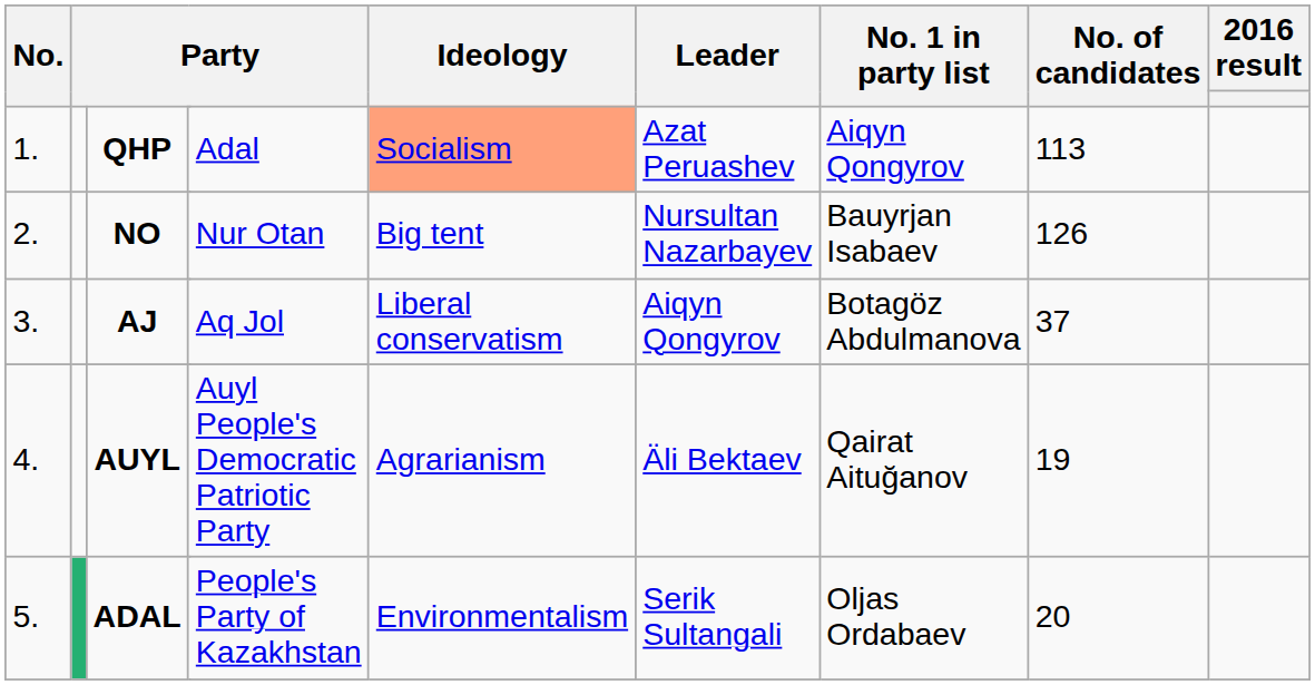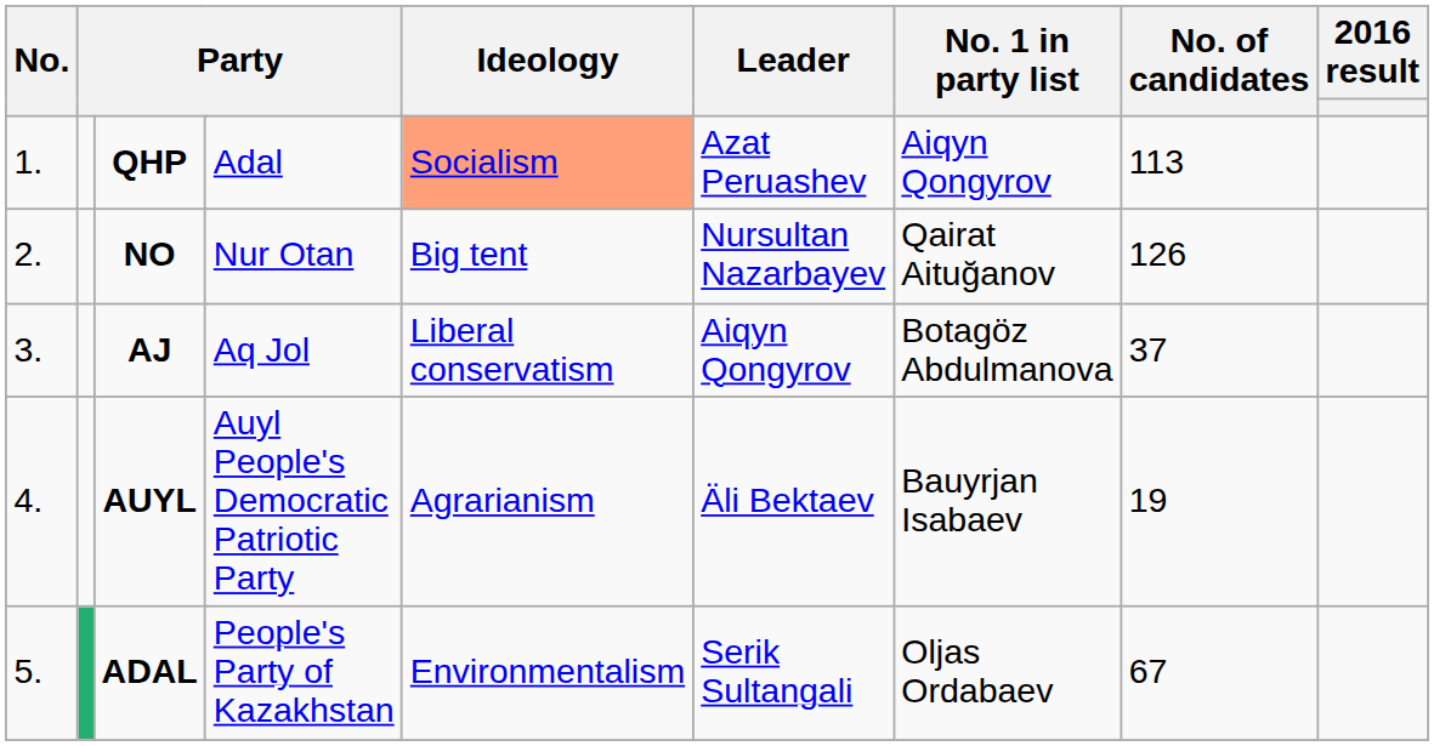 <table class="wikitable sortable">
 <tr>
 <th rowspan="2">No.</th>
 <th colspan="4" rowspan="2">Party</th>
 <th rowspan="2">Ideology</th>
 <th rowspan="2">Leader</th>
 <th rowspan="2">No. 1 in party list</th>
 <th rowspan="2">No. of candidates</th>
 <th style="width: 140px;">2016 result</th>
 </tr>
 <tr>
 <th></th>
 </tr>
 <tr>
 <td>1.</td>
 <td style="background:"></td>
 <td colspan="2" style="text-align:center;"><strong>QHP</strong></td>
 <td><a href='#'>Adal</a></td>
 <td style="background: lightsalmon;"><a href='#'>Socialism</a></td>
 <td><a href='#'>Azat Peruashev</a></td>
 <td><a href='#'>Aiqyn Qongyrov</a></td>
 <td>113</td>
 <td style="text-align:center;"></td>
 </tr>
 <tr>
 <td>2.</td>
 <td style="background:"></td>
 <td colspan="2" style="text-align:center;"><strong>NO</strong></td>
 <td><a href='#'>Nur Otan</a></td>
 <td><a href='#'>Big tent</a></td>
 <td><a href='#'>Nursultan Nazarbayev</a></td>
-<td>Bauyrjan Isabaev</td>
+<td>Qairat Aituğanov</td>
 <td>126</td>
 <td style="text-align:center;"></td>
 </tr>
 <tr>
 <td>3.</td>
 <td style="background:"></td>
 <td colspan="2" style="text-align:center;"><strong>AJ</strong></td>
 <td><a href='#'>Aq Jol</a></td>
 <td><a href='#'>Liberal conservatism</a></td>
 <td><a href='#'>Aiqyn Qongyrov</a></td>
 <td>Botagöz Abdulmanova</td>
 <td>37</td>
 <td style="text-align:center;"></td>
 </tr>
 <tr>
 <td>4.</td>
 <td style="background:"></td>
 <td colspan="2" style="text-align:center;"><strong>AUYL</strong></td>
 <td><a href='#'>Auyl People's Democratic Patriotic Party</a></td>
 <td><a href='#'>Agrarianism</a></td>
 <td><a href='#'>Äli Bektaev</a></td>
-<td>Qairat Aituğanov</td>
+<td>Bauyrjan Isabaev</td>
 <td>19</td>
 <td style="text-align:center;"></td>
 </tr>
 <tr>
 <td>5.</td>
 <td style="background:#25B072;"></td>
 <td colspan="2" style="text-align:center;"><strong>ADAL</strong></td>
 <td><a href='#'>People's Party of Kazakhstan</a></td>
 <td><a href='#'>Environmentalism</a></td>
 <td><a href='#'>Serik Sultangali</a></td>
 <td>Oljas Ordabaev</td>
-<td>20</td>
+<td>67</td>
 <td style="text-align:center;"></td>
 </tr>
 </table>
